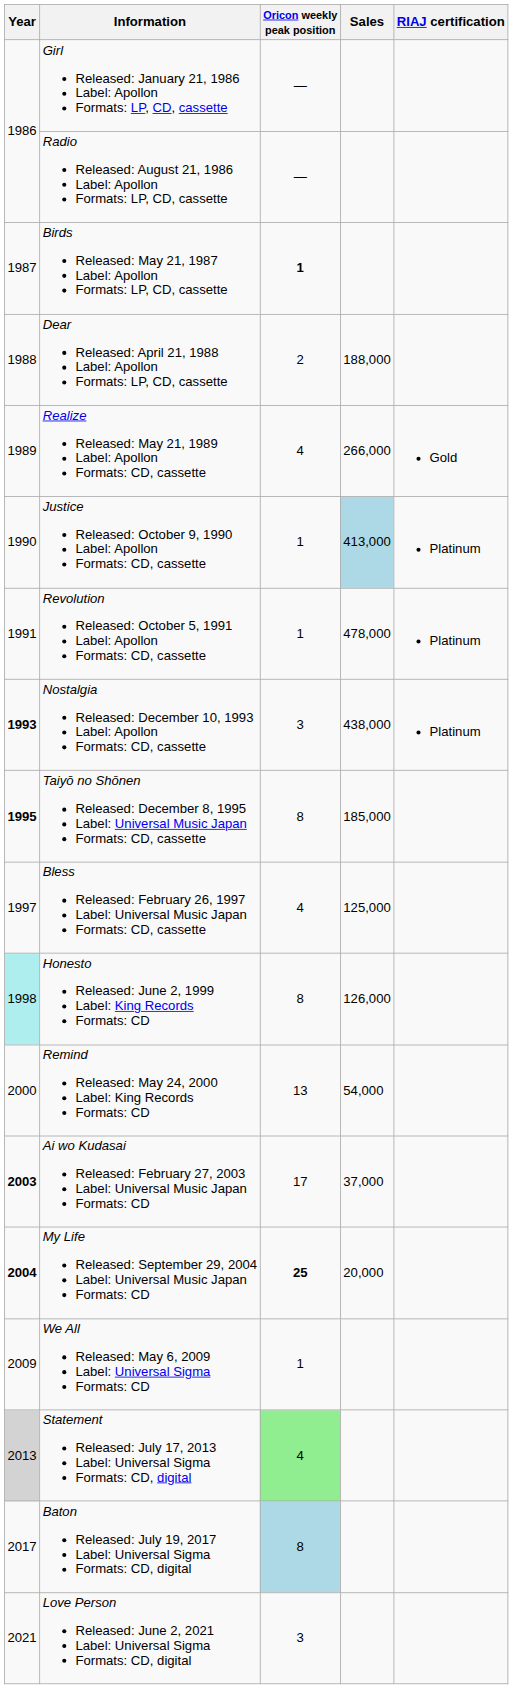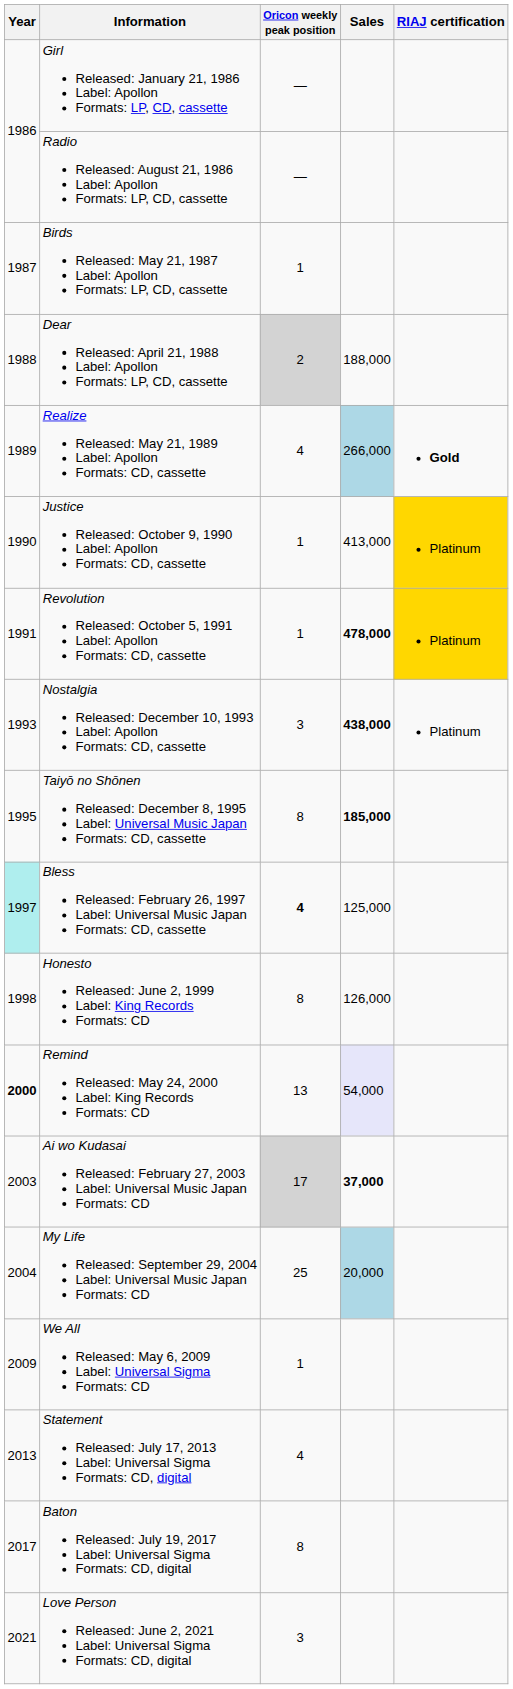 <table class="wikitable">
 <tr>
 <th>Year</th>
 <th>Information</th>
 <th><small><a href='#'>Oricon</a> weekly<br>peak position</small></th>
 <th>Sales<br></th>
 <th><a href='#'>RIAJ</a> certification</th>
 </tr>
 <tr>
 <td rowspan="2">1986</td>
 <td><em>Girl</em><br><ul><li>Released: January 21, 1986</li><li>Label: Apollon</li><li>Formats: <a href='#'>LP</a>, <a href='#'>CD</a>, <a href='#'>cassette</a></li></ul></td>
 <td style="text-align:center;">—</td>
 <td align="left"></td>
 <td align="left"></td>
 </tr>
 <tr>
 <td><em>Radio</em><br><ul><li>Released: August 21, 1986</li><li>Label: Apollon</li><li>Formats: LP, CD, cassette</li></ul></td>
 <td style="text-align:center;">—</td>
 <td align="left"></td>
 <td align="left"></td>
 </tr>
 <tr>
 <td>1987</td>
 <td><em>Birds</em><br><ul><li>Released: May 21, 1987</li><li>Label: Apollon</li><li>Formats: LP, CD, cassette</li></ul></td>
-<td style="text-align:center;"><strong>1</strong></td>
+<td style="text-align:center;">1</td>
 <td align="left"></td>
 <td align="left"></td>
 </tr>
 <tr>
 <td>1988</td>
 <td><em>Dear</em><br><ul><li>Released: April 21, 1988</li><li>Label: Apollon</li><li>Formats: LP, CD, cassette</li></ul></td>
-<td style="text-align:center;">2</td>
+<td style="background: lightgrey; text-align:center;">2</td>
 <td align="left">188,000</td>
 <td align="left"></td>
 </tr>
 <tr>
 <td>1989</td>
 <td><em><a href='#'>Realize</a></em><br><ul><li>Released: May 21, 1989</li><li>Label: Apollon</li><li>Formats: CD, cassette</li></ul></td>
 <td style="text-align:center;">4</td>
-<td align="left">266,000</td>
-<td align="left"><br><ul><li>Gold</li></ul></td>
+<td align="left" style="background: lightblue;">266,000</td>
+<td align="left"><strong><br><ul><li>Gold</li></ul></strong></td>
 </tr>
 <tr>
 <td>1990</td>
 <td><em>Justice</em><br><ul><li>Released: October 9, 1990</li><li>Label: Apollon</li><li>Formats: CD, cassette</li></ul></td>
 <td style="text-align:center;">1</td>
-<td align="left" style="background: lightblue;">413,000</td>
-<td align="left"><br><ul><li>Platinum</li></ul></td>
+<td align="left">413,000</td>
+<td align="left" style="background: gold;"><br><ul><li>Platinum</li></ul></td>
 </tr>
 <tr>
 <td>1991</td>
 <td><em>Revolution</em><br><ul><li>Released: October 5, 1991</li><li>Label: Apollon</li><li>Formats: CD, cassette</li></ul></td>
 <td style="text-align:center;">1</td>
-<td align="left">478,000</td>
+<td align="left"><strong>478,000</strong></td>
+<td align="left" style="background: gold;"><br><ul><li>Platinum</li></ul></td>
+</tr>
+<tr>
+<td>1993</td>
+<td><em>Nostalgia</em><br><ul><li>Released: December 10, 1993</li><li>Label: Apollon</li><li>Formats: CD, cassette</li></ul></td>
+<td style="text-align:center;">3</td>
+<td align="left"><strong>438,000</strong></td>
 <td align="left"><br><ul><li>Platinum</li></ul></td>
 </tr>
 <tr>
-<td><strong>1993</strong></td>
-<td><em>Nostalgia</em><br><ul><li>Released: December 10, 1993</li><li>Label: Apollon</li><li>Formats: CD, cassette</li></ul></td>
-<td style="text-align:center;">3</td>
-<td align="left">438,000</td>
-<td align="left"><br><ul><li>Platinum</li></ul></td>
-</tr>
-<tr>
-<td><strong>1995</strong></td>
+<td>1995</td>
 <td><em>Taiyō no Shōnen</em><br><ul><li>Released: December 8, 1995</li><li>Label: <a href='#'>Universal Music Japan</a></li><li>Formats: CD, cassette</li></ul></td>
 <td style="text-align:center;">8</td>
-<td align="left">185,000</td>
+<td align="left"><strong>185,000</strong></td>
 <td align="left"></td>
 </tr>
 <tr>
-<td>1997</td>
+<td style="background: paleturquoise;">1997</td>
 <td><em>Bless</em><br><ul><li>Released: February 26, 1997</li><li>Label: Universal Music Japan</li><li>Formats: CD, cassette</li></ul></td>
-<td style="text-align:center;">4</td>
+<td style="text-align:center;"><strong>4</strong></td>
 <td align="left">125,000</td>
 <td align="left"></td>
 </tr>
 <tr>
-<td style="background: paleturquoise;">1998</td>
+<td>1998</td>
 <td><em>Honesto</em><br><ul><li>Released: June 2, 1999</li><li>Label: <a href='#'>King Records</a></li><li>Formats: CD</li></ul></td>
 <td style="text-align:center;">8</td>
 <td align="left">126,000</td>
 <td align="left"></td>
 </tr>
 <tr>
-<td>2000</td>
+<td><strong>2000</strong></td>
 <td><em>Remind</em><br><ul><li>Released: May 24, 2000</li><li>Label: King Records</li><li>Formats: CD</li></ul></td>
 <td style="text-align:center;">13</td>
-<td align="left">54,000</td>
+<td align="left" style="background: lavender;">54,000</td>
 <td align="left"></td>
 </tr>
 <tr>
-<td><strong>2003</strong></td>
+<td>2003</td>
 <td><em>Ai wo Kudasai</em><br><ul><li>Released: February 27, 2003</li><li>Label: Universal Music Japan</li><li>Formats: CD</li></ul></td>
-<td style="text-align:center;">17</td>
-<td align="left">37,000</td>
+<td style="background: lightgrey; text-align:center;">17</td>
+<td align="left"><strong>37,000</strong></td>
 <td align="left"></td>
 </tr>
 <tr>
-<td><strong>2004</strong></td>
+<td>2004</td>
 <td><em>My Life</em><br><ul><li>Released: September 29, 2004</li><li>Label: Universal Music Japan</li><li>Formats: CD</li></ul></td>
-<td style="text-align:center;"><strong>25</strong></td>
-<td align="left">20,000</td>
+<td style="text-align:center;">25</td>
+<td align="left" style="background: lightblue;">20,000</td>
 <td align="left"></td>
 </tr>
 <tr>
 <td>2009</td>
 <td><em>We All</em><br><ul><li>Released: May 6, 2009</li><li>Label: <a href='#'>Universal Sigma</a></li><li>Formats: CD</li></ul></td>
 <td style="text-align:center;">1</td>
 <td align="left"></td>
 <td align="left"></td>
 </tr>
 <tr>
-<td style="background: lightgrey;">2013</td>
+<td>2013</td>
 <td><em>Statement</em><br><ul><li>Released: July 17, 2013</li><li>Label: Universal Sigma</li><li>Formats: CD, <a href='#'>digital</a></li></ul></td>
-<td style="background: lightgreen; text-align:center;">4</td>
+<td style="text-align:center;">4</td>
 <td align="left"></td>
 <td align="left"></td>
 </tr>
 <tr>
 <td>2017</td>
 <td><em>Baton</em><br><ul><li>Released: July 19, 2017</li><li>Label: Universal Sigma</li><li>Formats: CD, digital</li></ul></td>
-<td style="background: lightblue; text-align:center;">8</td>
+<td style="text-align:center;">8</td>
 <td align="left"></td>
 <td align="left"></td>
 </tr>
 <tr>
 <td>2021</td>
 <td><em>Love Person</em><br><ul><li>Released: June 2, 2021</li><li>Label: Universal Sigma</li><li>Formats: CD, digital</li></ul></td>
 <td style="text-align:center;">3</td>
 <td align="left"></td>
 <td align="left"></td>
 </tr>
 </table>
